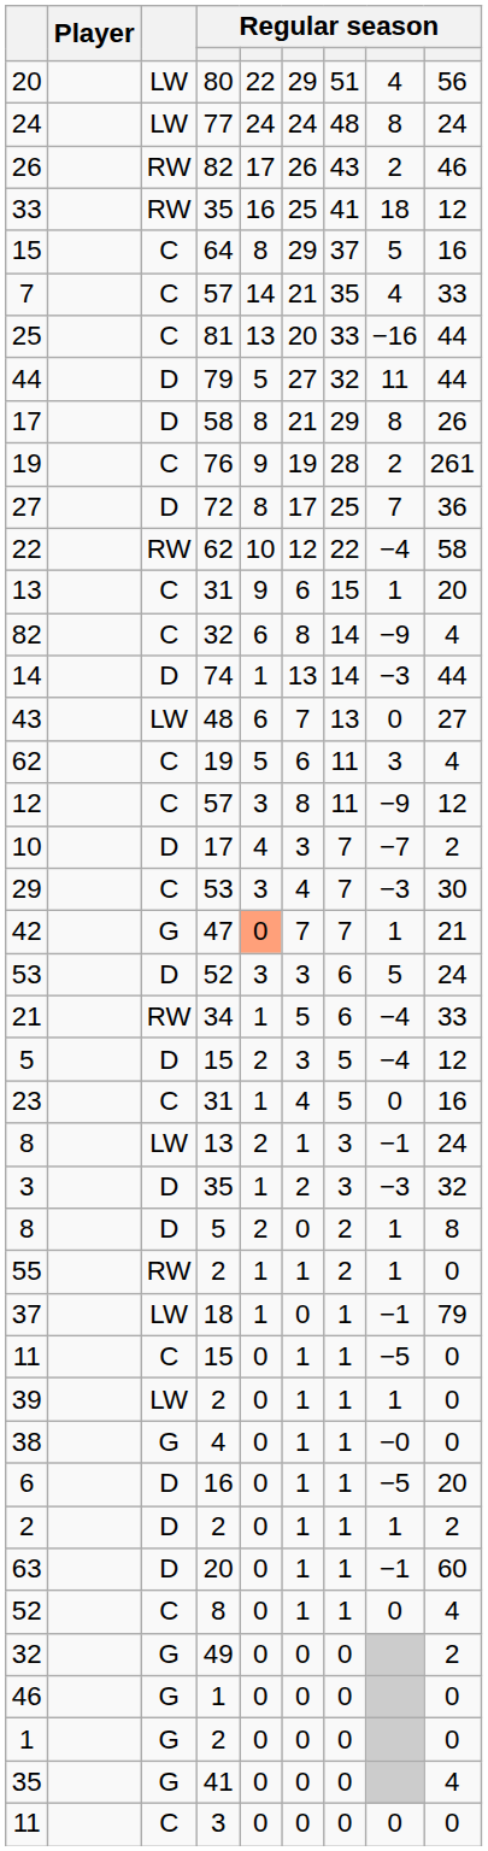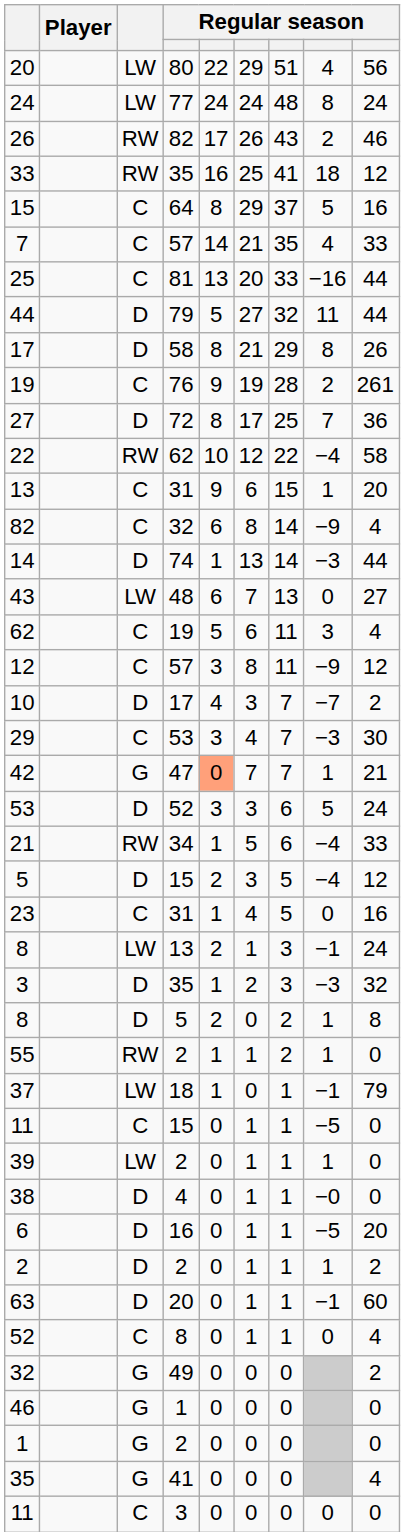 <table class="wikitable sortable plainrowheaders" style="text-align:center;">
 <tr>
 <th scope="col" data-sort-type="number" rowspan="2"></th>
 <th scope="col" rowspan="2">Player</th>
 <th scope="col" rowspan="2"></th>
 <th scope=colgroup colspan=6>Regular season</th>
 </tr>
 <tr>
 <th scope="col" data-sort-type="number"></th>
 <th scope="col" data-sort-type="number"></th>
 <th scope="col" data-sort-type="number"></th>
 <th scope="col" data-sort-type="number"></th>
 <th scope="col" data-sort-type="number"></th>
 <th scope="col" data-sort-type="number"></th>
 </tr>
 <tr>
 <td scope="row">20</td>
 <td align="left"></td>
 <td>LW</td>
 <td>80</td>
 <td>22</td>
 <td>29</td>
 <td>51</td>
 <td>4</td>
 <td>56</td>
 </tr>
 <tr>
 <td scope="row">24</td>
 <td align="left"></td>
 <td>LW</td>
 <td>77</td>
 <td>24</td>
 <td>24</td>
 <td>48</td>
 <td>8</td>
 <td>24</td>
 </tr>
 <tr>
 <td scope="row">26</td>
 <td align="left"></td>
 <td>RW</td>
 <td>82</td>
 <td>17</td>
 <td>26</td>
 <td>43</td>
 <td>2</td>
 <td>46</td>
 </tr>
 <tr>
 <td scope="row">33</td>
 <td align="left"></td>
 <td>RW</td>
 <td>35</td>
 <td>16</td>
 <td>25</td>
 <td>41</td>
 <td>18</td>
 <td>12</td>
 </tr>
 <tr>
 <td scope="row">15</td>
 <td align="left"></td>
 <td>C</td>
 <td>64</td>
 <td>8</td>
 <td>29</td>
 <td>37</td>
 <td>5</td>
 <td>16</td>
 </tr>
 <tr>
 <td scope="row">7</td>
 <td align="left"></td>
 <td>C</td>
 <td>57</td>
 <td>14</td>
 <td>21</td>
 <td>35</td>
 <td>4</td>
 <td>33</td>
 </tr>
 <tr>
 <td scope="row">25</td>
 <td align="left"></td>
 <td>C</td>
 <td>81</td>
 <td>13</td>
 <td>20</td>
 <td>33</td>
 <td>−16</td>
 <td>44</td>
 </tr>
 <tr>
 <td scope="row">44</td>
 <td align="left"></td>
 <td>D</td>
 <td>79</td>
 <td>5</td>
 <td>27</td>
 <td>32</td>
 <td>11</td>
 <td>44</td>
 </tr>
 <tr>
 <td scope="row">17</td>
 <td align="left"></td>
 <td>D</td>
 <td>58</td>
 <td>8</td>
 <td>21</td>
 <td>29</td>
 <td>8</td>
 <td>26</td>
 </tr>
 <tr>
 <td scope="row">19</td>
 <td align="left"></td>
 <td>C</td>
 <td>76</td>
 <td>9</td>
 <td>19</td>
 <td>28</td>
 <td>2</td>
 <td>261</td>
 </tr>
 <tr>
 <td scope="row">27</td>
 <td align="left"></td>
 <td>D</td>
 <td>72</td>
 <td>8</td>
 <td>17</td>
 <td>25</td>
 <td>7</td>
 <td>36</td>
 </tr>
 <tr>
 <td scope="row">22</td>
 <td align="left"></td>
 <td>RW</td>
 <td>62</td>
 <td>10</td>
 <td>12</td>
 <td>22</td>
 <td>−4</td>
 <td>58</td>
 </tr>
 <tr>
 <td scope="row">13</td>
 <td align="left"></td>
 <td>C</td>
 <td>31</td>
 <td>9</td>
 <td>6</td>
 <td>15</td>
 <td>1</td>
 <td>20</td>
 </tr>
 <tr>
 <td scope="row">82</td>
 <td align="left"></td>
 <td>C</td>
 <td>32</td>
 <td>6</td>
 <td>8</td>
 <td>14</td>
 <td>−9</td>
 <td>4</td>
 </tr>
 <tr>
 <td scope="row">14</td>
 <td align="left"></td>
 <td>D</td>
 <td>74</td>
 <td>1</td>
 <td>13</td>
 <td>14</td>
 <td>−3</td>
 <td>44</td>
 </tr>
 <tr>
 <td scope="row">43</td>
 <td align="left"></td>
 <td>LW</td>
 <td>48</td>
 <td>6</td>
 <td>7</td>
 <td>13</td>
 <td>0</td>
 <td>27</td>
 </tr>
 <tr>
 <td scope="row">62</td>
 <td align="left"></td>
 <td>C</td>
 <td>19</td>
 <td>5</td>
 <td>6</td>
 <td>11</td>
 <td>3</td>
 <td>4</td>
 </tr>
 <tr>
 <td scope="row">12</td>
 <td align="left"></td>
 <td>C</td>
 <td>57</td>
 <td>3</td>
 <td>8</td>
 <td>11</td>
 <td>−9</td>
 <td>12</td>
 </tr>
 <tr>
 <td scope="row">10</td>
 <td align="left"></td>
 <td>D</td>
 <td>17</td>
 <td>4</td>
 <td>3</td>
 <td>7</td>
 <td>−7</td>
 <td>2</td>
 </tr>
 <tr>
 <td scope="row">29</td>
 <td align="left"></td>
 <td>C</td>
 <td>53</td>
 <td>3</td>
 <td>4</td>
 <td>7</td>
 <td>−3</td>
 <td>30</td>
 </tr>
 <tr>
 <td scope="row">42</td>
 <td align="left"></td>
 <td>G</td>
 <td>47</td>
 <td style="background: lightsalmon;">0</td>
 <td>7</td>
 <td>7</td>
 <td>1</td>
 <td>21</td>
 </tr>
 <tr>
 <td scope="row">53</td>
 <td align="left"></td>
 <td>D</td>
 <td>52</td>
 <td>3</td>
 <td>3</td>
 <td>6</td>
 <td>5</td>
 <td>24</td>
 </tr>
 <tr>
 <td scope="row">21</td>
 <td align="left"></td>
 <td>RW</td>
 <td>34</td>
 <td>1</td>
 <td>5</td>
 <td>6</td>
 <td>−4</td>
 <td>33</td>
 </tr>
 <tr>
 <td scope="row">5</td>
 <td align="left"></td>
 <td>D</td>
 <td>15</td>
 <td>2</td>
 <td>3</td>
 <td>5</td>
 <td>−4</td>
 <td>12</td>
 </tr>
 <tr>
 <td scope="row">23</td>
 <td align="left"></td>
 <td>C</td>
 <td>31</td>
 <td>1</td>
 <td>4</td>
 <td>5</td>
 <td>0</td>
 <td>16</td>
 </tr>
 <tr>
 <td scope="row">8</td>
 <td align="left"></td>
 <td>LW</td>
 <td>13</td>
 <td>2</td>
 <td>1</td>
 <td>3</td>
 <td>−1</td>
 <td>24</td>
 </tr>
 <tr>
 <td scope="row">3</td>
 <td align="left"></td>
 <td>D</td>
 <td>35</td>
 <td>1</td>
 <td>2</td>
 <td>3</td>
 <td>−3</td>
 <td>32</td>
 </tr>
 <tr>
 <td scope="row">8</td>
 <td align="left"></td>
 <td>D</td>
 <td>5</td>
 <td>2</td>
 <td>0</td>
 <td>2</td>
 <td>1</td>
 <td>8</td>
 </tr>
 <tr>
 <td scope="row">55</td>
 <td align="left"></td>
 <td>RW</td>
 <td>2</td>
 <td>1</td>
 <td>1</td>
 <td>2</td>
 <td>1</td>
 <td>0</td>
 </tr>
 <tr>
 <td scope="row">37</td>
 <td align="left"></td>
 <td>LW</td>
 <td>18</td>
 <td>1</td>
 <td>0</td>
 <td>1</td>
 <td>−1</td>
 <td>79</td>
 </tr>
 <tr>
 <td scope="row">11</td>
 <td align="left"></td>
 <td>C</td>
 <td>15</td>
 <td>0</td>
 <td>1</td>
 <td>1</td>
 <td>−5</td>
 <td>0</td>
 </tr>
 <tr>
 <td scope="row">39</td>
 <td align="left"></td>
 <td>LW</td>
 <td>2</td>
 <td>0</td>
 <td>1</td>
 <td>1</td>
 <td>1</td>
 <td>0</td>
 </tr>
 <tr>
 <td scope="row">38</td>
 <td align="left"></td>
-<td>G</td>
+<td>D</td>
 <td>4</td>
 <td>0</td>
 <td>1</td>
 <td>1</td>
 <td>−0</td>
 <td>0</td>
 </tr>
 <tr>
 <td scope="row">6</td>
 <td align="left"></td>
 <td>D</td>
 <td>16</td>
 <td>0</td>
 <td>1</td>
 <td>1</td>
 <td>−5</td>
 <td>20</td>
 </tr>
 <tr>
 <td scope="row">2</td>
 <td align="left"></td>
 <td>D</td>
 <td>2</td>
 <td>0</td>
 <td>1</td>
 <td>1</td>
 <td>1</td>
 <td>2</td>
 </tr>
 <tr>
 <td scope="row">63</td>
 <td align="left"></td>
 <td>D</td>
 <td>20</td>
 <td>0</td>
 <td>1</td>
 <td>1</td>
 <td>−1</td>
 <td>60</td>
 </tr>
 <tr>
 <td scope="row">52</td>
 <td align="left"></td>
 <td>C</td>
 <td>8</td>
 <td>0</td>
 <td>1</td>
 <td>1</td>
 <td>0</td>
 <td>4</td>
 </tr>
 <tr>
 <td scope="row">32</td>
 <td align="left"></td>
 <td>G</td>
 <td>49</td>
 <td>0</td>
 <td>0</td>
 <td>0</td>
 <td style="background:#ccc"></td>
 <td>2</td>
 </tr>
 <tr>
 <td scope="row">46</td>
 <td align="left"></td>
 <td>G</td>
 <td>1</td>
 <td>0</td>
 <td>0</td>
 <td>0</td>
 <td style="background:#ccc"></td>
 <td>0</td>
 </tr>
 <tr>
 <td scope="row">1</td>
 <td align="left"></td>
 <td>G</td>
 <td>2</td>
 <td>0</td>
 <td>0</td>
 <td>0</td>
 <td style="background:#ccc"></td>
 <td>0</td>
 </tr>
 <tr>
 <td scope="row">35</td>
 <td align="left"></td>
 <td>G</td>
 <td>41</td>
 <td>0</td>
 <td>0</td>
 <td>0</td>
 <td style="background:#ccc"></td>
 <td>4</td>
 </tr>
 <tr>
 <td scope="row">11</td>
 <td align="left"></td>
 <td>C</td>
 <td>3</td>
 <td>0</td>
 <td>0</td>
 <td>0</td>
 <td>0</td>
 <td>0</td>
 </tr>
 </table>
